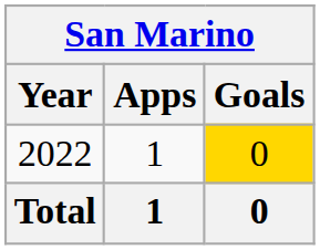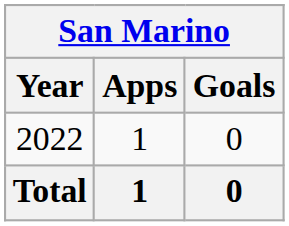 <table class="wikitable" style="text-align:center">
 <tr>
 <th colspan=3><a href='#'>San Marino</a></th>
 </tr>
 <tr>
 <th>Year</th>
 <th>Apps</th>
 <th>Goals</th>
 </tr>
 <tr>
 <td>2022</td>
 <td>1</td>
-<td style="background: gold;">0</td>
+<td>0</td>
 </tr>
 <tr>
 <th>Total</th>
 <th>1</th>
 <th>0</th>
 </tr>
 </table>
